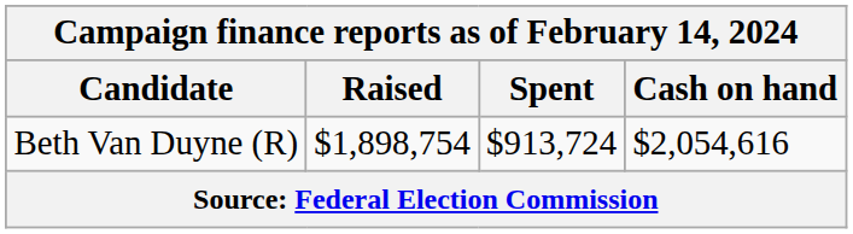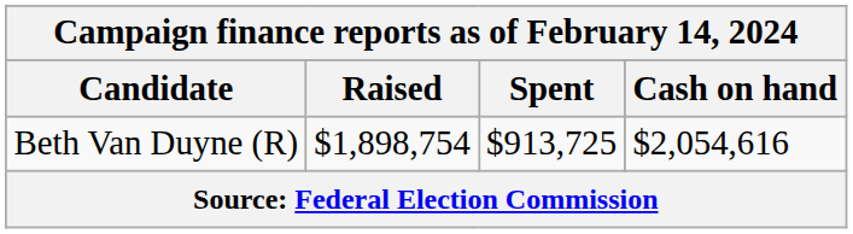 <table class="wikitable sortable">
 <tr>
 <th colspan=4>Campaign finance reports as of February 14, 2024</th>
 </tr>
 <tr style="text-align:center;">
 <th>Candidate</th>
 <th>Raised</th>
 <th>Spent</th>
 <th>Cash on hand</th>
 </tr>
 <tr>
 <td style="background-color:">Beth Van Duyne (R)</td>
 <td>$1,898,754</td>
-<td>$913,724</td>
+<td>$913,725</td>
 <td>$2,054,616</td>
 </tr>
 <tr>
 <th colspan="4"><small>Source: <a href='#'>Federal Election Commission</a></small></th>
 </tr>
 </table>
